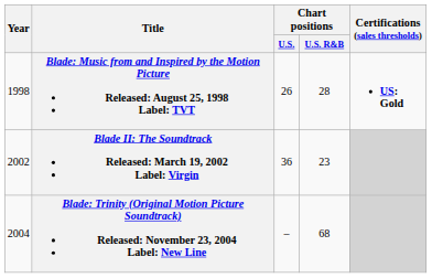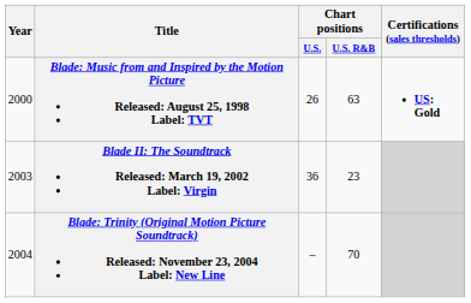 <table class="wikitable sortable plainrowheaders">
 <tr>
 <th rowspan="2">Year</th>
 <th rowspan="2">Title</th>
 <th colspan="2">Chart positions</th>
 <th rowspan="2">Certifications <br><small>(<a href='#'>sales thresholds</a>)</small></th>
 </tr>
 <tr>
 <th><small><a href='#'>U.S.</a></small></th>
 <th><small><a href='#'>U.S. R&B</a></small></th>
 </tr>
 <tr>
-<td>1998</td>
+<td>2000</td>
 <th scope="row"><em><a href='#'>Blade: Music from and Inspired by the Motion Picture</a></em><br><ul><li>Released: August 25, 1998</li><li>Label: <a href='#'>TVT</a></li></ul></th>
 <td style="text-align:center;">26</td>
-<td style="text-align:center;">28</td>
+<td style="text-align:center;">63</td>
 <td><strong><br><ul><li><a href='#'>US</a>: Gold</li></ul></strong></td>
 </tr>
 <tr>
-<td>2002</td>
+<td>2003</td>
 <th scope="row"><em><a href='#'>Blade II: The Soundtrack</a></em><br><ul><li>Released: March 19, 2002</li><li>Label: <a href='#'>Virgin</a></li></ul></th>
 <td style="text-align:center;">36</td>
 <td style="text-align:center;">23</td>
 <td style="background:lightgrey;"></td>
 </tr>
 <tr>
 <td>2004</td>
 <th scope="row"><em><a href='#'>Blade: Trinity (Original Motion Picture Soundtrack)</a></em><br><ul><li>Released: November 23, 2004</li><li>Label: <a href='#'>New Line</a></li></ul></th>
 <td style="text-align:center;">–</td>
-<td style="text-align:center;">68</td>
+<td style="text-align:center;">70</td>
 <td style="background:lightgrey;"></td>
 </tr>
 </table>
